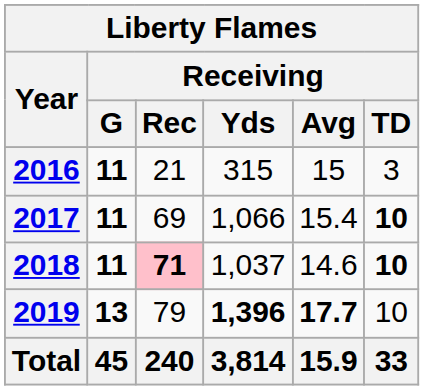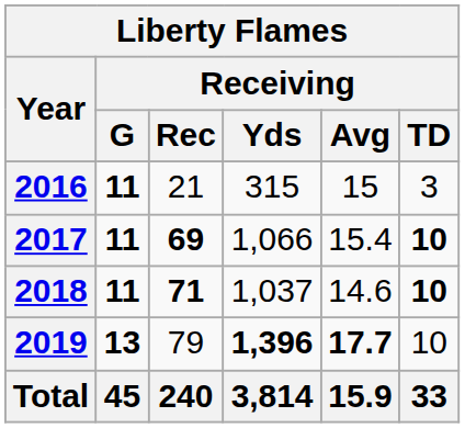 <table class=wikitable style="text-align:center;">
 <tr>
 <th colspan="15">Liberty Flames</th>
 </tr>
 <tr>
 <th rowspan="2">Year</th>
 <th colspan="5">Receiving</th>
 </tr>
 <tr>
 <th>G</th>
 <th>Rec</th>
 <th>Yds</th>
 <th>Avg</th>
 <th>TD</th>
 </tr>
 <tr>
 <th><a href='#'>2016</a></th>
 <td><strong>11</strong></td>
 <td>21</td>
 <td>315</td>
 <td>15</td>
 <td>3</td>
 </tr>
 <tr>
 <th><a href='#'>2017</a></th>
 <td><strong>11</strong></td>
-<td>69</td>
+<td><strong>69</strong></td>
 <td>1,066</td>
 <td>15.4</td>
 <td><strong>10</strong></td>
 </tr>
 <tr>
 <th><a href='#'>2018</a></th>
 <td><strong>11</strong></td>
-<td style="background: pink;"><strong>71</strong></td>
+<td><strong>71</strong></td>
 <td>1,037</td>
 <td>14.6</td>
 <td><strong>10</strong></td>
 </tr>
 <tr>
 <th><a href='#'>2019</a></th>
 <td><strong>13</strong></td>
 <td>79</td>
 <td><strong>1,396</strong></td>
 <td><strong>17.7</strong></td>
 <td>10</td>
 </tr>
 <tr style="font-weight:bold">
 <th>Total</th>
 <th>45</th>
 <th>240</th>
 <th>3,814</th>
 <th>15.9</th>
 <th>33</th>
 </tr>
 </table>
